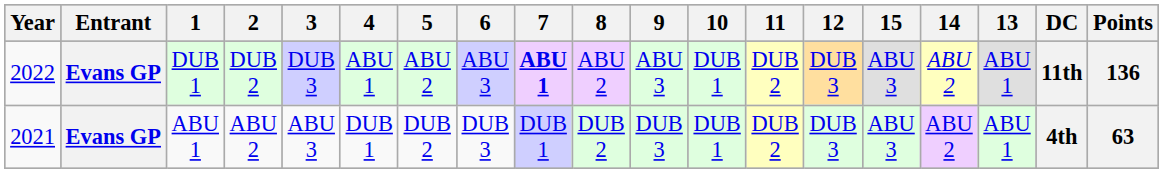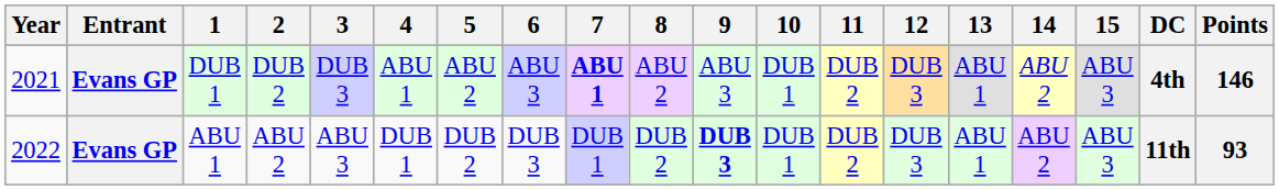 <table class="wikitable" style="text-align:center; font-size:85%">
 <tr>
 <th>Year</th>
 <th>Entrant</th>
 <th>1</th>
 <th>2</th>
 <th>3</th>
 <th>4</th>
 <th>5</th>
 <th>6</th>
 <th>7</th>
 <th>8</th>
 <th>9</th>
 <th>10</th>
 <th>11</th>
 <th>12</th>
+<th>13</th>
+<th>14</th>
 <th>15</th>
-<th>14</th>
-<th>13</th>
 <th>DC</th>
 <th>Points</th>
 </tr>
 <tr>
-<td><a href='#'>2022</a></td>
+<td><a href='#'>2021</a></td>
 <th nowrap><a href='#'>Evans GP</a></th>
 <td style="background:#DFFFDF;"><a href='#'>DUB<br>1</a><br></td>
 <td style="background:#DFFFDF;"><a href='#'>DUB<br>2</a><br></td>
 <td style="background:#CFCFFF;"><a href='#'>DUB<br>3</a><br></td>
 <td style="background:#DFFFDF;"><a href='#'>ABU<br>1</a><br></td>
 <td style="background:#DFFFDF;"><a href='#'>ABU<br>2</a><br></td>
 <td style="background:#CFCFFF;"><a href='#'>ABU<br>3</a><br></td>
 <td style="background:#EFCFFF;"><strong><a href='#'>ABU<br>1</a><br></strong></td>
 <td style="background:#EFCFFF;"><a href='#'>ABU<br>2</a><br></td>
 <td style="background:#DFFFDF;"><a href='#'>ABU<br>3</a><br></td>
 <td style="background:#DFFFDF;"><a href='#'>DUB<br>1</a><br></td>
 <td style="background:#FFFFBF;"><a href='#'>DUB<br>2</a><br></td>
 <td style="background:#FFDF9F;"><a href='#'>DUB<br>3</a><br></td>
+<td style="background:#DFDFDF;"><a href='#'>ABU<br>1</a><br></td>
+<td style="background:#FFFFBF;"><em><a href='#'>ABU<br>2</a></em><br></td>
 <td style="background:#DFDFDF;"><a href='#'>ABU<br>3</a><br></td>
-<td style="background:#FFFFBF;"><em><a href='#'>ABU<br>2</a></em><br></td>
-<td style="background:#DFDFDF;"><a href='#'>ABU<br>1</a><br></td>
-<th>11th</th>
-<th>136</th>
+<th>4th</th>
+<th>146</th>
 </tr>
 <tr>
-<td><a href='#'>2021</a></td>
+<td><a href='#'>2022</a></td>
 <th nowrap><a href='#'>Evans GP</a></th>
 <td style="background:#;"><a href='#'>ABU<br>1</a></td>
 <td style="background:#;"><a href='#'>ABU<br>2</a></td>
 <td style="background:#;"><a href='#'>ABU<br>3</a></td>
 <td style="background:#;"><a href='#'>DUB<br>1</a></td>
 <td style="background:#;"><a href='#'>DUB<br>2</a></td>
 <td style="background:#;"><a href='#'>DUB<br>3</a></td>
 <td style="background:#CFCFFF;"><a href='#'>DUB<br>1</a><br></td>
 <td style="background:#DFFFDF;"><a href='#'>DUB<br>2</a><br></td>
-<td style="background:#DFFFDF;"><a href='#'>DUB<br>3</a><br></td>
+<td style="background:#DFFFDF;"><strong><a href='#'>DUB<br>3</a><br></strong></td>
 <td style="background:#DFFFDF;"><a href='#'>DUB<br>1</a><br></td>
 <td style="background:#FFFFBF;"><a href='#'>DUB<br>2</a><br></td>
 <td style="background:#DFFFDF;"><a href='#'>DUB<br>3</a><br></td>
+<td style="background:#DFFFDF;"><a href='#'>ABU<br>1</a><br></td>
+<td style="background:#EFCFFF;"><a href='#'>ABU<br>2</a><br></td>
 <td style="background:#DFFFDF;"><a href='#'>ABU<br>3</a><br></td>
-<td style="background:#EFCFFF;"><a href='#'>ABU<br>2</a><br></td>
-<td style="background:#DFFFDF;"><a href='#'>ABU<br>1</a><br></td>
-<th>4th</th>
-<th>63</th>
+<th>11th</th>
+<th>93</th>
 </tr>
 </table>
